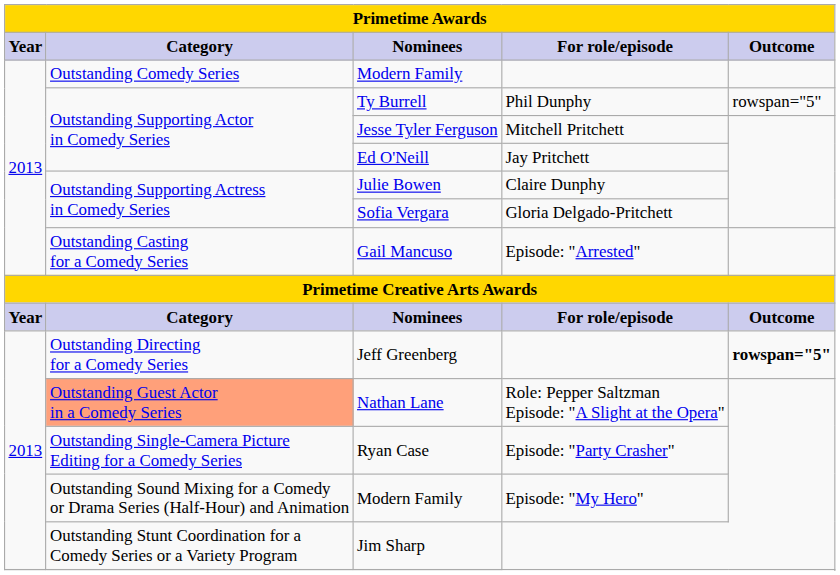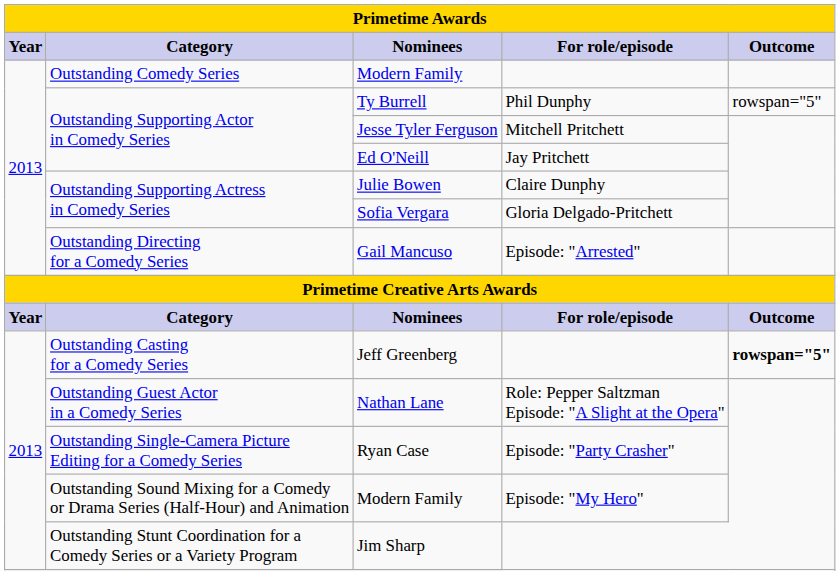 <table class="wikitable" style="font-size: 95%;">
 <tr>
 <th colspan="5" style="background: Gold;">Primetime Awards</th>
 </tr>
 <tr style="text-align:center;">
 <th style="background:#cce;">Year</th>
 <th style="background:#cce;">Category</th>
 <th style="background:#cce;">Nominees</th>
 <th style="background:#cce;">For role/episode</th>
 <th style="background:#cce;">Outcome</th>
 </tr>
 <tr>
 <td rowspan="7"><a href='#'>2013</a></td>
 <td><a href='#'>Outstanding Comedy Series</a></td>
 <td><a href='#'>Modern Family</a></td>
 <td></td>
 <td></td>
 </tr>
 <tr>
 <td rowspan="3"><a href='#'>Outstanding Supporting Actor<br>in Comedy Series</a></td>
 <td><a href='#'>Ty Burrell</a></td>
 <td>Phil Dunphy</td>
 <td>rowspan="5" </td>
 </tr>
 <tr>
 <td><a href='#'>Jesse Tyler Ferguson</a></td>
 <td>Mitchell Pritchett</td>
 </tr>
 <tr>
 <td><a href='#'>Ed O'Neill</a></td>
 <td>Jay Pritchett</td>
 </tr>
 <tr>
 <td rowspan="2"><a href='#'>Outstanding Supporting Actress<br>in Comedy Series</a></td>
 <td><a href='#'>Julie Bowen</a></td>
 <td>Claire Dunphy</td>
 </tr>
 <tr>
 <td><a href='#'>Sofia Vergara</a></td>
 <td>Gloria Delgado-Pritchett</td>
 </tr>
 <tr>
-<td><a href='#'>Outstanding Casting<br>for a Comedy Series</a></td>
+<td><a href='#'>Outstanding Directing<br>for a Comedy Series</a></td>
 <td><a href='#'>Gail Mancuso</a></td>
 <td>Episode: "<a href='#'>Arrested</a>"</td>
 <td></td>
 </tr>
 <tr>
 <th colspan="5" style="background: Gold;">Primetime Creative Arts Awards</th>
 </tr>
 <tr style="text-align:center;">
 <th style="background:#cce;">Year</th>
 <th style="background:#cce;">Category</th>
 <th style="background:#cce;">Nominees</th>
 <th style="background:#cce;">For role/episode</th>
 <th style="background:#cce;">Outcome</th>
 </tr>
 <tr>
 <td rowspan="5"><a href='#'>2013</a></td>
-<td><a href='#'>Outstanding Directing<br>for a Comedy Series</a></td>
+<td><a href='#'>Outstanding Casting<br>for a Comedy Series</a></td>
 <td>Jeff Greenberg</td>
 <td></td>
 <td><strong>rowspan="5" </strong></td>
 </tr>
 <tr>
-<td style="background: lightsalmon;"><a href='#'>Outstanding Guest Actor<br>in a Comedy Series</a></td>
+<td><a href='#'>Outstanding Guest Actor<br>in a Comedy Series</a></td>
 <td><a href='#'>Nathan Lane</a></td>
 <td>Role: Pepper Saltzman<br>Episode: "<a href='#'>A Slight at the Opera</a>"</td>
 </tr>
 <tr>
 <td><a href='#'>Outstanding Single-Camera Picture<br>Editing for a Comedy Series</a></td>
 <td>Ryan Case</td>
 <td>Episode: "<a href='#'>Party Crasher</a>"</td>
 </tr>
 <tr>
 <td>Outstanding Sound Mixing for a Comedy<br>or Drama Series (Half-Hour) and Animation</td>
 <td>Modern Family</td>
 <td>Episode: "<a href='#'>My Hero</a>"</td>
 </tr>
 <tr>
 <td>Outstanding Stunt Coordination for a<br>Comedy Series or a Variety Program</td>
 <td>Jim Sharp</td>
 </tr>
 <tr>
 </tr>
 </table>
